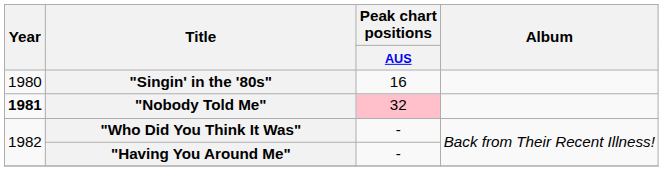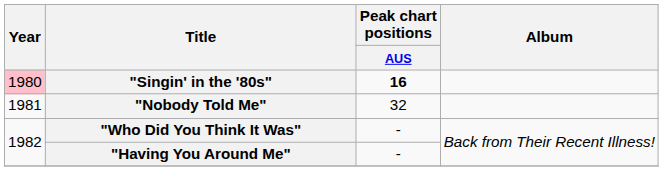 <table class="wikitable plainrowheaders" style="text-align:center;" border="1">
 <tr>
 <th scope="col" rowspan="2">Year</th>
 <th scope="col" rowspan="2" style="width:20em;">Title</th>
 <th scope="col" colspan="1">Peak chart<br>positions</th>
 <th scope="col" rowspan="2">Album</th>
 </tr>
 <tr>
 <th scope="col" style="text-align:center;"><small><a href='#'>AUS</a></small><br></th>
 </tr>
 <tr>
-<td>1980</td>
+<td style="background: pink;">1980</td>
 <th scope="row">"Singin' in the '80s"</th>
-<td style="text-align:center;">16</td>
+<td style="text-align:center;"><strong>16</strong></td>
 <td></td>
 </tr>
 <tr>
-<td><strong>1981</strong></td>
+<td>1981</td>
 <th scope="row">"Nobody Told Me"</th>
-<td style="background: pink; text-align:center;">32</td>
+<td style="text-align:center;">32</td>
 <td></td>
 </tr>
 <tr>
 <td rowspan="2">1982</td>
 <th scope="row">"Who Did You Think It Was"</th>
 <td style="text-align:center;">-</td>
 <td rowspan="2"><em>Back from Their Recent Illness!</em></td>
 </tr>
 <tr>
 <th scope="row">"Having You Around Me"</th>
 <td style="text-align:center;">-</td>
 </tr>
 <tr>
 </tr>
 </table>
